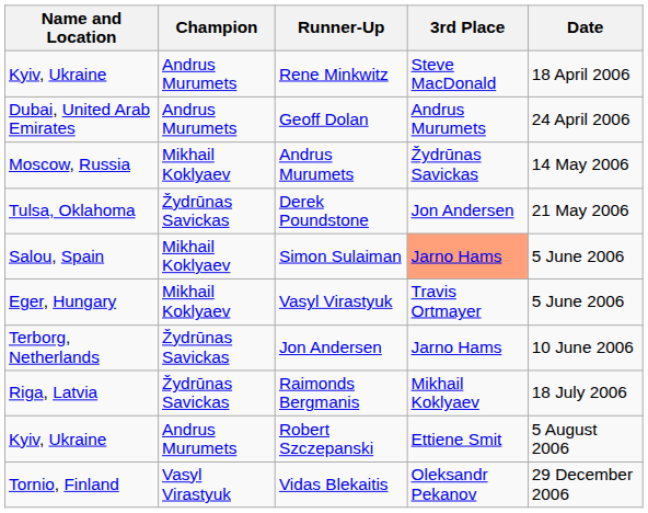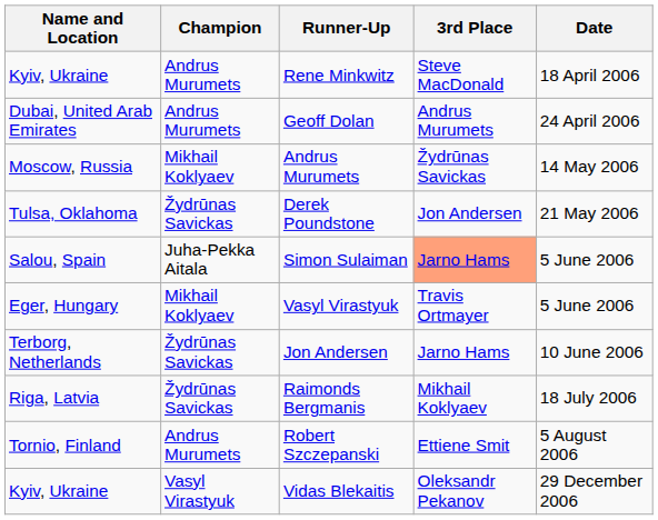 <table class="wikitable" style="display: inline-table">
 <tr>
 <th>Name and Location</th>
 <th>Champion</th>
 <th>Runner-Up</th>
 <th>3rd Place</th>
 <th>Date</th>
 </tr>
 <tr>
 <td> <a href='#'>Kyiv</a>, <a href='#'>Ukraine</a> <br> </td>
 <td> <a href='#'>Andrus Murumets</a></td>
 <td> <a href='#'>Rene Minkwitz</a></td>
 <td> <a href='#'>Steve MacDonald</a></td>
 <td>18 April 2006</td>
 </tr>
 <tr>
 <td> <a href='#'>Dubai</a>, <a href='#'>United Arab Emirates</a> <br> </td>
 <td> <a href='#'>Andrus Murumets</a></td>
 <td> <a href='#'>Geoff Dolan</a></td>
 <td> <a href='#'>Andrus Murumets</a></td>
 <td>24 April 2006</td>
 </tr>
 <tr>
 <td> <a href='#'>Moscow</a>, <a href='#'>Russia</a> <br> </td>
 <td> <a href='#'>Mikhail Koklyaev</a></td>
 <td> <a href='#'>Andrus Murumets</a></td>
 <td> <a href='#'>Žydrūnas Savickas</a></td>
 <td>14 May 2006</td>
 </tr>
 <tr>
 <td> <a href='#'>Tulsa, Oklahoma</a> <br> </td>
 <td> <a href='#'>Žydrūnas Savickas</a></td>
 <td> <a href='#'>Derek Poundstone</a></td>
 <td> <a href='#'>Jon Andersen</a></td>
 <td>21 May 2006</td>
 </tr>
 <tr>
 <td> <a href='#'>Salou</a>, <a href='#'>Spain</a> <br> </td>
-<td> <a href='#'>Mikhail Koklyaev</a></td>
+<td> Juha-Pekka Aitala</td>
 <td> <a href='#'>Simon Sulaiman</a></td>
 <td style="background: lightsalmon;"> <a href='#'>Jarno Hams</a></td>
 <td>5 June 2006</td>
 </tr>
 <tr>
 <td> <a href='#'>Eger</a>, <a href='#'>Hungary</a> <br> </td>
 <td> <a href='#'>Mikhail Koklyaev</a></td>
 <td> <a href='#'>Vasyl Virastyuk</a></td>
 <td> <a href='#'>Travis Ortmayer</a></td>
 <td>5 June 2006</td>
 </tr>
 <tr>
 <td> <a href='#'>Terborg</a>, <a href='#'>Netherlands</a> <br> </td>
 <td> <a href='#'>Žydrūnas Savickas</a></td>
 <td> <a href='#'>Jon Andersen</a></td>
 <td> <a href='#'>Jarno Hams</a></td>
 <td>10 June 2006</td>
 </tr>
 <tr>
 <td> <a href='#'>Riga</a>, <a href='#'>Latvia</a> <br> </td>
 <td> <a href='#'>Žydrūnas Savickas</a></td>
 <td> <a href='#'>Raimonds Bergmanis</a></td>
 <td> <a href='#'>Mikhail Koklyaev</a></td>
 <td>18 July 2006</td>
 </tr>
 <tr>
-<td> <a href='#'>Kyiv</a>, <a href='#'>Ukraine</a> <br> </td>
+<td> <a href='#'>Tornio</a>, <a href='#'>Finland</a> <br> </td>
 <td> <a href='#'>Andrus Murumets</a></td>
 <td> <a href='#'>Robert Szczepanski</a></td>
 <td> <a href='#'>Ettiene Smit</a></td>
 <td>5 August 2006</td>
 </tr>
 <tr>
-<td> <a href='#'>Tornio</a>, <a href='#'>Finland</a> <br> </td>
+<td> <a href='#'>Kyiv</a>, <a href='#'>Ukraine</a> <br> </td>
 <td> <a href='#'>Vasyl Virastyuk</a></td>
 <td> <a href='#'>Vidas Blekaitis</a></td>
 <td> <a href='#'>Oleksandr Pekanov</a></td>
 <td>29 December 2006</td>
 </tr>
 </table>
